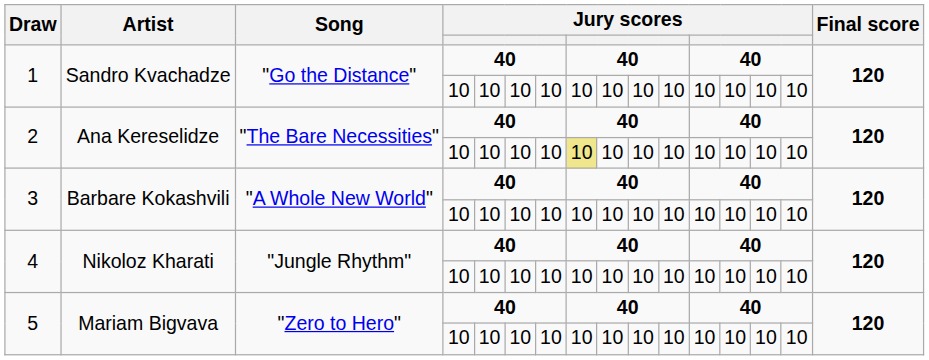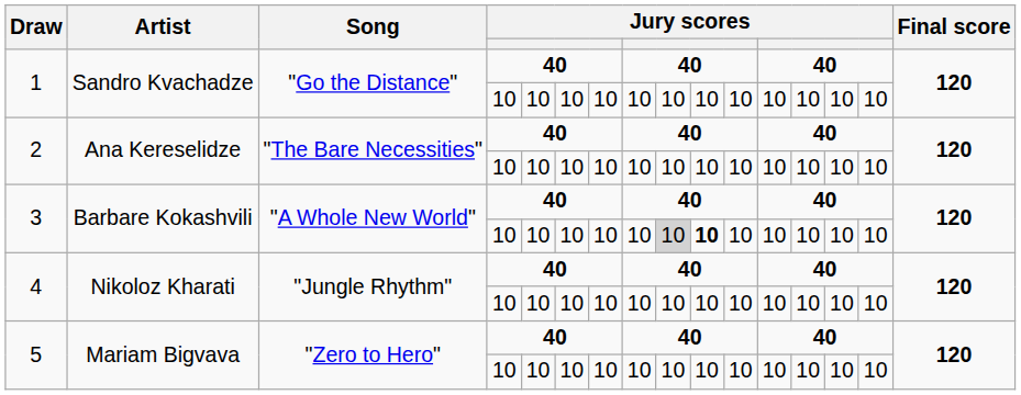 <table class="sortable wikitable" style="text-align:center;margin:1em auto 1em auto">
 <tr>
 <th rowspan="2" scope="col">Draw</th>
 <th rowspan="2" scope="col">Artist</th>
 <th rowspan="2" scope="col">Song</th>
 <th colspan="12" scope="col">Jury scores</th>
 <th rowspan="2" scope="col">Final score</th>
 </tr>
 <tr>
 <th colspan="4" class="unsortable" scope="col"><small></small></th>
 <th colspan="4" class="unsortable" scope="col"><small></small></th>
 <th colspan="4" class="unsortable" scope="col"><small></small></th>
 </tr>
 <tr>
 <td rowspan="2">1</td>
 <td rowspan="2">Sandro Kvachadze<br></td>
 <td rowspan="2">"<a href='#'>Go the Distance</a>"<br></td>
 <td colspan="4"><strong>40</strong></td>
 <td colspan="4"><strong>40</strong></td>
 <td colspan="4"><strong>40</strong></td>
 <td rowspan="2"><strong>120</strong></td>
 </tr>
 <tr>
 <td>10</td>
 <td>10</td>
 <td>10</td>
 <td>10</td>
 <td>10</td>
 <td>10</td>
 <td>10</td>
 <td>10</td>
 <td>10</td>
 <td>10</td>
 <td>10</td>
 <td>10</td>
 </tr>
 <tr>
 <td rowspan="2">2</td>
 <td rowspan="2">Ana Kereselidze<br></td>
 <td rowspan="2">"<a href='#'>The Bare Necessities</a>"<br></td>
 <td colspan="4"><strong>40</strong></td>
 <td colspan="4"><strong>40</strong></td>
 <td colspan="4"><strong>40</strong></td>
 <td rowspan="2"><strong>120</strong></td>
 </tr>
 <tr>
 <td>10</td>
 <td>10</td>
 <td>10</td>
 <td>10</td>
-<td style="background: khaki;">10</td>
+<td>10</td>
 <td>10</td>
 <td>10</td>
 <td>10</td>
 <td>10</td>
 <td>10</td>
 <td>10</td>
 <td>10</td>
 </tr>
 <tr>
 <td rowspan="2">3</td>
 <td rowspan="2">Barbare Kokashvili<br></td>
 <td rowspan="2">"<a href='#'>A Whole New World</a>"<br></td>
 <td colspan="4"><strong>40</strong></td>
 <td colspan="4"><strong>40</strong></td>
 <td colspan="4"><strong>40</strong></td>
 <td rowspan="2"><strong>120</strong></td>
 </tr>
 <tr>
 <td>10</td>
 <td>10</td>
 <td>10</td>
 <td>10</td>
 <td>10</td>
-<td>10</td>
-<td>10</td>
+<td style="background: lightgrey;">10</td>
+<td><strong>10</strong></td>
 <td>10</td>
 <td>10</td>
 <td>10</td>
 <td>10</td>
 <td>10</td>
 </tr>
 <tr>
 <td rowspan="2">4</td>
 <td rowspan="2">Nikoloz Kharati<br></td>
 <td rowspan="2">"Jungle Rhythm"<br></td>
 <td colspan="4"><strong>40</strong></td>
 <td colspan="4"><strong>40</strong></td>
 <td colspan="4"><strong>40</strong></td>
 <td rowspan="2"><strong>120</strong></td>
 </tr>
 <tr>
 <td>10</td>
 <td>10</td>
 <td>10</td>
 <td>10</td>
 <td>10</td>
 <td>10</td>
 <td>10</td>
 <td>10</td>
 <td>10</td>
 <td>10</td>
 <td>10</td>
 <td>10</td>
 </tr>
 <tr>
 <td rowspan="2">5</td>
 <td rowspan="2">Mariam Bigvava<br></td>
 <td rowspan="2">"<a href='#'>Zero to Hero</a>"<br></td>
 <td colspan="4"><strong>40</strong></td>
 <td colspan="4"><strong>40</strong></td>
 <td colspan="4"><strong>40</strong></td>
 <td rowspan="2"><strong>120</strong></td>
 </tr>
 <tr>
 <td>10</td>
 <td>10</td>
 <td>10</td>
 <td>10</td>
 <td>10</td>
 <td>10</td>
 <td>10</td>
 <td>10</td>
 <td>10</td>
 <td>10</td>
 <td>10</td>
 <td>10</td>
 </tr>
 </table>
